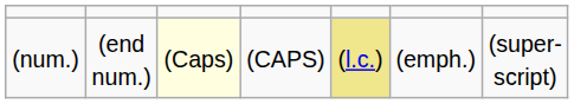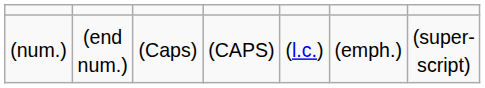 <table class="wikitable" style="line-height: 1.2">
 <tr align=center>
 <td></td>
 <td></td>
 <td></td>
 <td></td>
 <td></td>
 <td></td>
 <td></td>
 </tr>
 <tr align=center>
 <td><small>(num.)</small></td>
 <td><small>(end <br>num.)</small></td>
-<td style="background: lightyellow;"><small>(Caps)</small></td>
+<td><small>(Caps)</small></td>
 <td><small>(CAPS)</small></td>
-<td style="background: khaki;"><small>(<a href='#'>l.c.</a>)</small></td>
+<td><small>(<a href='#'>l.c.</a>)</small></td>
 <td><small>(emph.)</small></td>
 <td><small>(super-<br>script)</small></td>
 </tr>
 </table>
